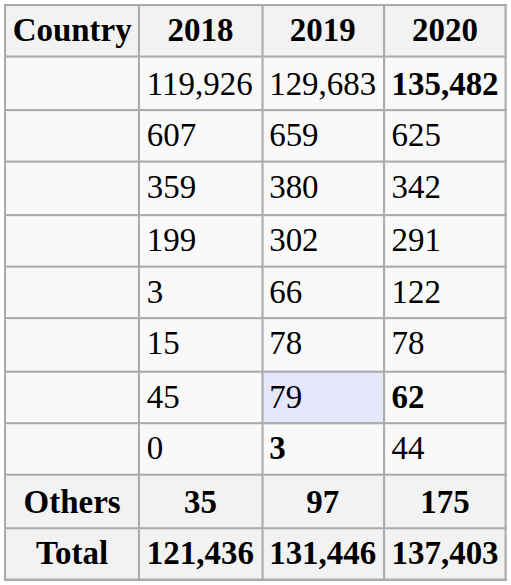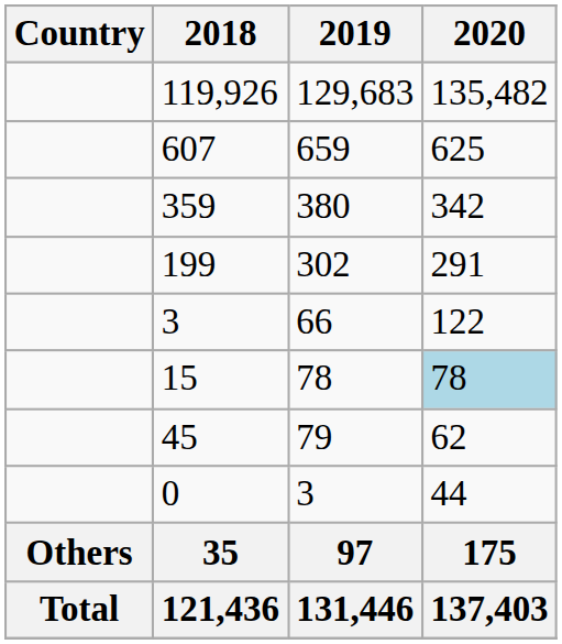 <table class="wikitable mw-collapsible mw-uncollapsed nowrap mw-datatable">
 <tr>
 <th>Country</th>
 <th>2018</th>
 <th>2019</th>
 <th>2020</th>
 </tr>
 <tr>
 <td></td>
 <td>119,926</td>
 <td>129,683</td>
-<td><strong>135,482</strong></td>
+<td>135,482</td>
 </tr>
 <tr>
 <td></td>
 <td>607</td>
 <td>659</td>
 <td>625</td>
 </tr>
 <tr>
 <td></td>
 <td>359</td>
 <td>380</td>
 <td>342</td>
 </tr>
 <tr>
 <td></td>
 <td>199</td>
 <td>302</td>
 <td>291</td>
 </tr>
 <tr>
 <td></td>
 <td>3</td>
 <td>66</td>
 <td>122</td>
 </tr>
 <tr>
 <td></td>
 <td>15</td>
 <td>78</td>
-<td>78</td>
+<td style="background: lightblue;">78</td>
 </tr>
 <tr>
 <td></td>
 <td>45</td>
-<td style="background: lavender;">79</td>
-<td><strong>62</strong></td>
+<td>79</td>
+<td>62</td>
 </tr>
 <tr>
 <td></td>
 <td>0</td>
-<td><strong>3</strong></td>
+<td>3</td>
 <td>44</td>
 </tr>
 <tr>
 <th>Others</th>
 <th>35</th>
 <th>97</th>
 <th>175</th>
 </tr>
 <tr>
 <th>Total</th>
 <th>121,436</th>
 <th>131,446</th>
 <th>137,403</th>
 </tr>
 <tr>
 </tr>
 </table>
